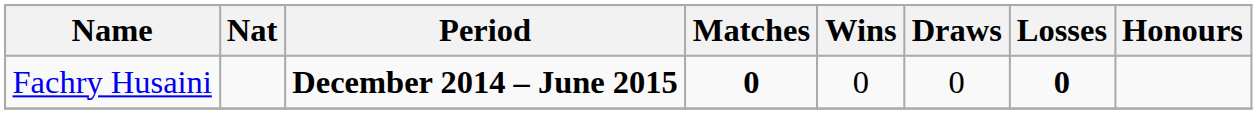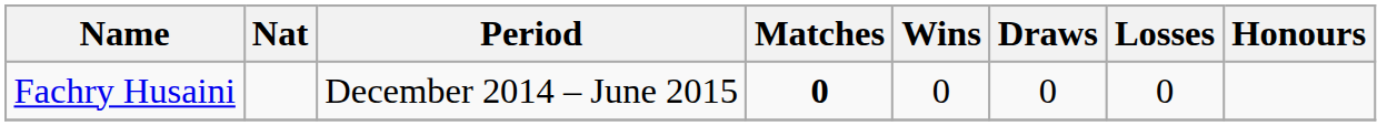 <table class="wikitable">
 <tr>
 <th>Name</th>
 <th>Nat</th>
 <th>Period</th>
 <th>Matches</th>
 <th>Wins</th>
 <th>Draws</th>
 <th>Losses</th>
 <th>Honours</th>
 </tr>
 <tr>
 <td><a href='#'>Fachry Husaini</a></td>
 <td align="center"></td>
-<td align="center"><strong>December 2014 – June 2015</strong></td>
+<td align="center">December 2014 – June 2015</td>
 <td align="center"><strong>0</strong></td>
 <td align="center">0</td>
 <td align="center">0</td>
-<td align="center"><strong>0</strong></td>
+<td align="center">0</td>
 <td></td>
 </tr>
 <tr>
 </tr>
 </table>
